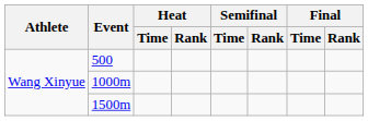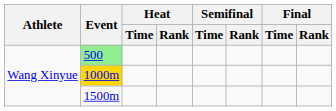 <table class="wikitable">
 <tr>
 <th rowspan="2">Athlete</th>
 <th rowspan="2">Event</th>
 <th colspan="2">Heat</th>
 <th colspan="2">Semifinal</th>
 <th colspan="2">Final</th>
 </tr>
 <tr>
 <th>Time</th>
 <th>Rank</th>
 <th>Time</th>
 <th>Rank</th>
 <th>Time</th>
 <th>Rank</th>
 </tr>
 <tr>
 <td rowspan=3><a href='#'>Wang Xinyue</a></td>
-<td><a href='#'>500</a></td>
+<td style="background: lightgreen;"><a href='#'>500</a></td>
 <td align="center"></td>
 <td align="center"></td>
 <td align="center"></td>
 <td align="center"></td>
 <td align="center"></td>
 <td align="center"></td>
 </tr>
 <tr>
-<td><a href='#'>1000m</a></td>
+<td style="background: gold;"><a href='#'>1000m</a></td>
 <td align="center"></td>
 <td align="center"></td>
 <td align="center"></td>
 <td align="center"></td>
 <td align="center"></td>
 <td align="center"></td>
 </tr>
 <tr>
 <td><a href='#'>1500m</a></td>
 <td align="center"></td>
 <td align="center"></td>
 <td align="center"></td>
 <td align="center"></td>
 <td align="center"></td>
 <td align="center"></td>
 </tr>
 </table>
